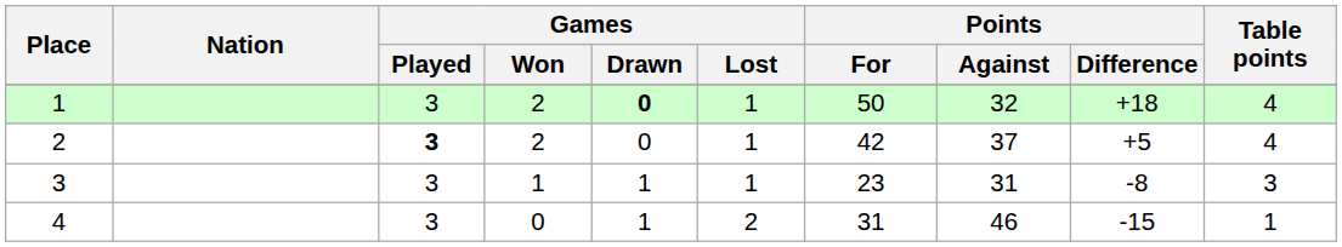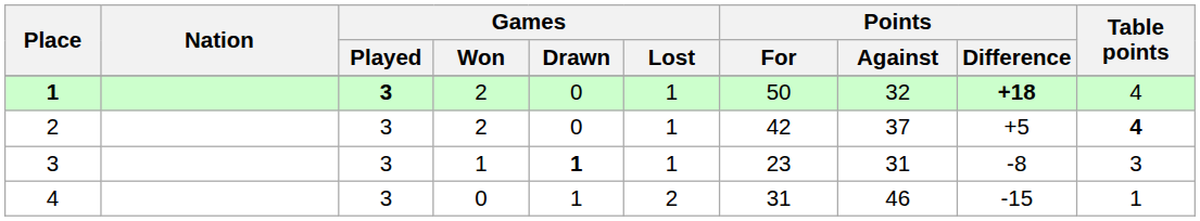 <table class="wikitable">
 <tr>
 <th rowspan=2 width="8%">Place</th>
 <th rowspan=2 width="20%">Nation</th>
 <th colspan=4 width="32%">Games</th>
 <th colspan=3 width="30%">Points</th>
 <th rowspan=2 width="10%">Table<br>points</th>
 </tr>
 <tr>
 <th width="8%">Played</th>
 <th width="8%">Won</th>
 <th width="8%">Drawn</th>
 <th width="8%">Lost</th>
 <th width="10%">For</th>
 <th width="10%">Against</th>
 <th width="10%">Difference</th>
 </tr>
 <tr>
 </tr>
 <tr bgcolor=#ccffcc align=center>
-<td>1</td>
+<td><strong>1</strong></td>
 <td align=left></td>
-<td>3</td>
+<td><strong>3</strong></td>
 <td>2</td>
-<td><strong>0</strong></td>
+<td>0</td>
 <td>1</td>
 <td>50</td>
 <td>32</td>
-<td>+18</td>
+<td><strong>+18</strong></td>
 <td>4</td>
 </tr>
 <tr bgcolor=#ffffff align=center>
 <td>2</td>
 <td align=left></td>
-<td><strong>3</strong></td>
+<td>3</td>
 <td>2</td>
 <td>0</td>
 <td>1</td>
 <td>42</td>
 <td>37</td>
 <td>+5</td>
-<td>4</td>
+<td><strong>4</strong></td>
 </tr>
 <tr bgcolor=#ffffff align=center>
 <td>3</td>
 <td align=left></td>
 <td>3</td>
 <td>1</td>
-<td>1</td>
+<td><strong>1</strong></td>
 <td>1</td>
 <td>23</td>
 <td>31</td>
 <td>-8</td>
 <td>3</td>
 </tr>
 <tr bgcolor=#ffffff align=center>
 <td>4</td>
 <td align=left></td>
 <td>3</td>
 <td>0</td>
 <td>1</td>
 <td>2</td>
 <td>31</td>
 <td>46</td>
 <td>-15</td>
 <td>1</td>
 </tr>
 </table>
